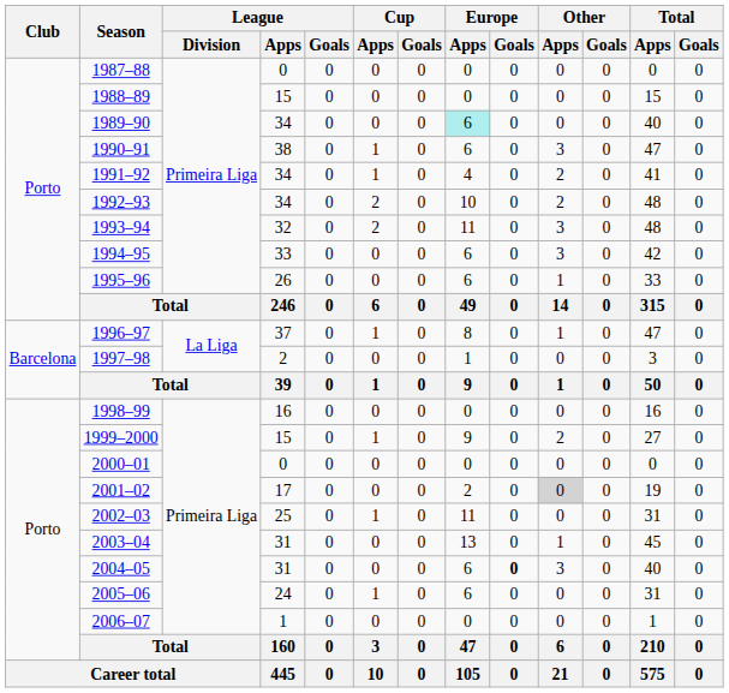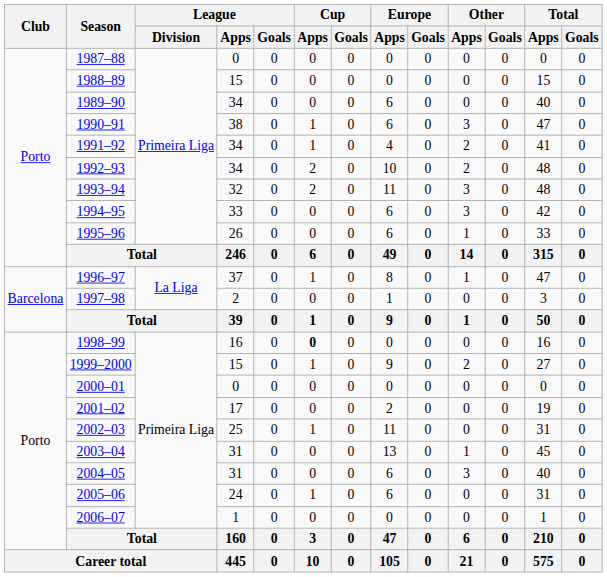 <table class="wikitable" style="text-align:center">
 <tr>
 <th rowspan="2">Club</th>
 <th rowspan="2">Season</th>
 <th colspan="3">League</th>
 <th colspan="2">Cup</th>
 <th colspan="2">Europe</th>
 <th colspan="2">Other</th>
 <th colspan="2">Total</th>
 </tr>
 <tr>
 <th>Division</th>
 <th>Apps</th>
 <th>Goals</th>
 <th>Apps</th>
 <th>Goals</th>
 <th>Apps</th>
 <th>Goals</th>
 <th>Apps</th>
 <th>Goals</th>
 <th>Apps</th>
 <th>Goals</th>
 </tr>
 <tr>
 <td rowspan="10"><a href='#'>Porto</a></td>
 <td><a href='#'>1987–88</a></td>
 <td rowspan="9"><a href='#'>Primeira Liga</a></td>
 <td>0</td>
 <td>0</td>
 <td>0</td>
 <td>0</td>
 <td>0</td>
 <td>0</td>
 <td>0</td>
 <td>0</td>
 <td>0</td>
 <td>0</td>
 </tr>
 <tr>
 <td><a href='#'>1988–89</a></td>
 <td>15</td>
 <td>0</td>
 <td>0</td>
 <td>0</td>
 <td>0</td>
 <td>0</td>
 <td>0</td>
 <td>0</td>
 <td>15</td>
 <td>0</td>
 </tr>
 <tr>
 <td><a href='#'>1989–90</a></td>
 <td>34</td>
 <td>0</td>
 <td>0</td>
 <td>0</td>
-<td style="background: paleturquoise;">6</td>
+<td>6</td>
 <td>0</td>
 <td>0</td>
 <td>0</td>
 <td>40</td>
 <td>0</td>
 </tr>
 <tr>
 <td><a href='#'>1990–91</a></td>
 <td>38</td>
 <td>0</td>
 <td>1</td>
 <td>0</td>
 <td>6</td>
 <td>0</td>
 <td>3</td>
 <td>0</td>
 <td>47</td>
 <td>0</td>
 </tr>
 <tr>
 <td><a href='#'>1991–92</a></td>
 <td>34</td>
 <td>0</td>
 <td>1</td>
 <td>0</td>
 <td>4</td>
 <td>0</td>
 <td>2</td>
 <td>0</td>
 <td>41</td>
 <td>0</td>
 </tr>
 <tr>
 <td><a href='#'>1992–93</a></td>
 <td>34</td>
 <td>0</td>
 <td>2</td>
 <td>0</td>
 <td>10</td>
 <td>0</td>
 <td>2</td>
 <td>0</td>
 <td>48</td>
 <td>0</td>
 </tr>
 <tr>
 <td><a href='#'>1993–94</a></td>
 <td>32</td>
 <td>0</td>
 <td>2</td>
 <td>0</td>
 <td>11</td>
 <td>0</td>
 <td>3</td>
 <td>0</td>
 <td>48</td>
 <td>0</td>
 </tr>
 <tr>
 <td><a href='#'>1994–95</a></td>
 <td>33</td>
 <td>0</td>
 <td>0</td>
 <td>0</td>
 <td>6</td>
 <td>0</td>
 <td>3</td>
 <td>0</td>
 <td>42</td>
 <td>0</td>
 </tr>
 <tr>
 <td><a href='#'>1995–96</a></td>
 <td>26</td>
 <td>0</td>
 <td>0</td>
 <td>0</td>
 <td>6</td>
 <td>0</td>
 <td>1</td>
 <td>0</td>
 <td>33</td>
 <td>0</td>
 </tr>
 <tr>
 <th colspan="2">Total</th>
 <th>246</th>
 <th>0</th>
 <th>6</th>
 <th>0</th>
 <th>49</th>
 <th>0</th>
 <th>14</th>
 <th>0</th>
 <th>315</th>
 <th>0</th>
 </tr>
 <tr>
 <td rowspan="3"><a href='#'>Barcelona</a></td>
 <td><a href='#'>1996–97</a></td>
 <td rowspan="2"><a href='#'>La Liga</a></td>
 <td>37</td>
 <td>0</td>
 <td>1</td>
 <td>0</td>
 <td>8</td>
 <td>0</td>
 <td>1</td>
 <td>0</td>
 <td>47</td>
 <td>0</td>
 </tr>
 <tr>
 <td><a href='#'>1997–98</a></td>
 <td>2</td>
 <td>0</td>
 <td>0</td>
 <td>0</td>
 <td>1</td>
 <td>0</td>
 <td>0</td>
 <td>0</td>
 <td>3</td>
 <td>0</td>
 </tr>
 <tr>
 <th colspan="2">Total</th>
 <th>39</th>
 <th>0</th>
 <th>1</th>
 <th>0</th>
 <th>9</th>
 <th>0</th>
 <th>1</th>
 <th>0</th>
 <th>50</th>
 <th>0</th>
 </tr>
 <tr>
 <td rowspan="10">Porto</td>
 <td><a href='#'>1998–99</a></td>
 <td rowspan="9">Primeira Liga</td>
 <td>16</td>
 <td>0</td>
-<td>0</td>
+<td><strong>0</strong></td>
 <td>0</td>
 <td>0</td>
 <td>0</td>
 <td>0</td>
 <td>0</td>
 <td>16</td>
 <td>0</td>
 </tr>
 <tr>
 <td><a href='#'>1999–2000</a></td>
 <td>15</td>
 <td>0</td>
 <td>1</td>
 <td>0</td>
 <td>9</td>
 <td>0</td>
 <td>2</td>
 <td>0</td>
 <td>27</td>
 <td>0</td>
 </tr>
 <tr>
 <td><a href='#'>2000–01</a></td>
 <td>0</td>
 <td>0</td>
 <td>0</td>
 <td>0</td>
 <td>0</td>
 <td>0</td>
 <td>0</td>
 <td>0</td>
 <td>0</td>
 <td>0</td>
 </tr>
 <tr>
 <td><a href='#'>2001–02</a></td>
 <td>17</td>
 <td>0</td>
 <td>0</td>
 <td>0</td>
 <td>2</td>
 <td>0</td>
-<td style="background: lightgrey;">0</td>
+<td>0</td>
 <td>0</td>
 <td>19</td>
 <td>0</td>
 </tr>
 <tr>
 <td><a href='#'>2002–03</a></td>
 <td>25</td>
 <td>0</td>
 <td>1</td>
 <td>0</td>
 <td>11</td>
 <td>0</td>
 <td>0</td>
 <td>0</td>
 <td>31</td>
 <td>0</td>
 </tr>
 <tr>
 <td><a href='#'>2003–04</a></td>
 <td>31</td>
 <td>0</td>
 <td>0</td>
 <td>0</td>
 <td>13</td>
 <td>0</td>
 <td>1</td>
 <td>0</td>
 <td>45</td>
 <td>0</td>
 </tr>
 <tr>
 <td><a href='#'>2004–05</a></td>
 <td>31</td>
 <td>0</td>
 <td>0</td>
 <td>0</td>
 <td>6</td>
-<td><strong>0</strong></td>
+<td>0</td>
 <td>3</td>
 <td>0</td>
 <td>40</td>
 <td>0</td>
 </tr>
 <tr>
 <td><a href='#'>2005–06</a></td>
 <td>24</td>
 <td>0</td>
 <td>1</td>
 <td>0</td>
 <td>6</td>
 <td>0</td>
 <td>0</td>
 <td>0</td>
 <td>31</td>
 <td>0</td>
 </tr>
 <tr>
 <td><a href='#'>2006–07</a></td>
 <td>1</td>
 <td>0</td>
 <td>0</td>
 <td>0</td>
 <td>0</td>
 <td>0</td>
 <td>0</td>
 <td>0</td>
 <td>1</td>
 <td>0</td>
 </tr>
 <tr>
 <th colspan="2">Total</th>
 <th>160</th>
 <th>0</th>
 <th>3</th>
 <th>0</th>
 <th>47</th>
 <th>0</th>
 <th>6</th>
 <th>0</th>
 <th>210</th>
 <th>0</th>
 </tr>
 <tr>
 <th colspan="3">Career total</th>
 <th>445</th>
 <th>0</th>
 <th>10</th>
 <th>0</th>
 <th>105</th>
 <th>0</th>
 <th>21</th>
 <th>0</th>
 <th>575</th>
 <th>0</th>
 </tr>
 </table>
